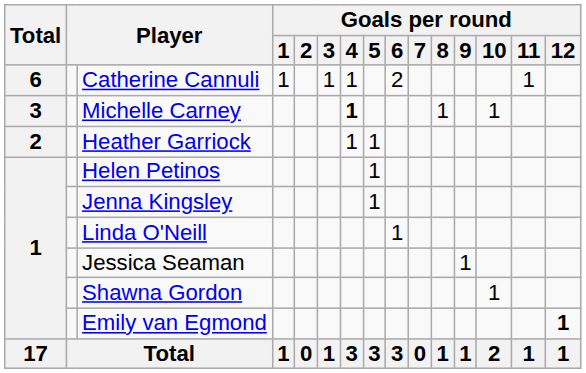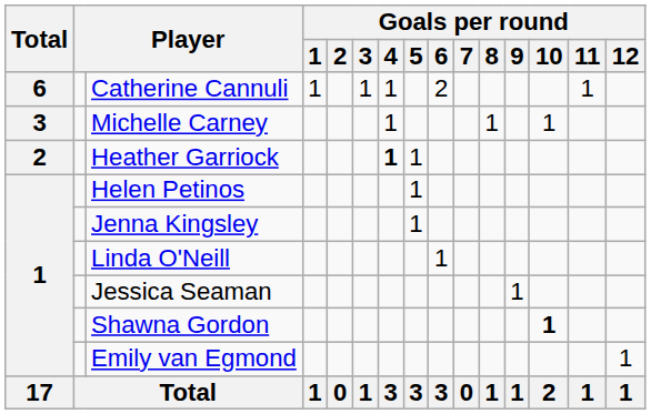 <table class="wikitable" style="text-align:center; line-height: 90%; font-size:90%;">
 <tr>
 <th rowspan="2">Total</th>
 <th rowspan="2" colspan="2">Player</th>
 <th colspan="12">Goals per round</th>
 </tr>
 <tr>
 <th>1</th>
 <th>2</th>
 <th>3</th>
 <th>4</th>
 <th>5</th>
 <th>6</th>
 <th>7</th>
 <th>8</th>
 <th>9</th>
 <th>10</th>
 <th>11</th>
 <th>12</th>
 </tr>
 <tr>
 <th rowspan="1">6</th>
 <td></td>
 <td style="text-align:left;"><a href='#'>Catherine Cannuli</a></td>
 <td>1</td>
 <td></td>
 <td>1</td>
 <td>1</td>
 <td></td>
 <td>2</td>
 <td></td>
 <td></td>
 <td></td>
 <td></td>
 <td>1</td>
 <td></td>
 </tr>
 <tr>
 <th rowspan="1">3</th>
 <td></td>
 <td style="text-align:left;"><a href='#'>Michelle Carney</a></td>
 <td></td>
 <td></td>
 <td></td>
-<td><strong>1</strong></td>
+<td>1</td>
 <td></td>
 <td></td>
 <td></td>
 <td>1</td>
 <td></td>
 <td>1</td>
 <td></td>
 <td></td>
 </tr>
 <tr>
 <th rowspan="1">2</th>
 <td></td>
 <td style="text-align:left;"><a href='#'>Heather Garriock</a></td>
 <td></td>
 <td></td>
 <td></td>
-<td>1</td>
+<td><strong>1</strong></td>
 <td>1</td>
 <td></td>
 <td></td>
 <td></td>
 <td></td>
 <td></td>
 <td></td>
 <td></td>
 </tr>
 <tr>
 <th rowspan="6">1</th>
 <td></td>
 <td style="text-align:left;"><a href='#'>Helen Petinos</a></td>
 <td></td>
 <td></td>
 <td></td>
 <td></td>
 <td>1</td>
 <td></td>
 <td></td>
 <td></td>
 <td></td>
 <td></td>
 <td></td>
 <td></td>
 </tr>
 <tr>
 <td></td>
 <td style="text-align:left;"><a href='#'>Jenna Kingsley</a></td>
 <td></td>
 <td></td>
 <td></td>
 <td></td>
 <td>1</td>
 <td></td>
 <td></td>
 <td></td>
 <td></td>
 <td></td>
 <td></td>
 <td></td>
 </tr>
 <tr>
 <td></td>
 <td style="text-align:left;"><a href='#'>Linda O'Neill</a></td>
 <td></td>
 <td></td>
 <td></td>
 <td></td>
 <td></td>
 <td>1</td>
 <td></td>
 <td></td>
 <td></td>
 <td></td>
 <td></td>
 <td></td>
 </tr>
 <tr>
 <td></td>
 <td style="text-align:left;">Jessica Seaman</td>
 <td></td>
 <td></td>
 <td></td>
 <td></td>
 <td></td>
 <td></td>
 <td></td>
 <td></td>
 <td>1</td>
 <td></td>
 <td></td>
 <td></td>
 </tr>
 <tr>
 <td></td>
 <td style="text-align:left;"><a href='#'>Shawna Gordon</a></td>
 <td></td>
 <td></td>
 <td></td>
 <td></td>
 <td></td>
 <td></td>
 <td></td>
 <td></td>
 <td></td>
-<td>1</td>
+<td><strong>1</strong></td>
 <td></td>
 <td></td>
 </tr>
 <tr>
 <td></td>
 <td style="text-align:left;"><a href='#'>Emily van Egmond</a></td>
 <td></td>
 <td></td>
 <td></td>
 <td></td>
 <td></td>
 <td></td>
 <td></td>
 <td></td>
 <td></td>
 <td></td>
 <td></td>
-<td><strong>1</strong></td>
+<td>1</td>
 </tr>
 <tr>
 <th rowspan="1">17</th>
 <th colspan="2">Total</th>
 <th style="text-align:center;">1</th>
 <th>0</th>
 <th>1</th>
 <th>3</th>
 <th>3</th>
 <th>3</th>
 <th>0</th>
 <th>1</th>
 <th>1</th>
 <th>2</th>
 <th>1</th>
 <th>1</th>
 </tr>
 </table>
